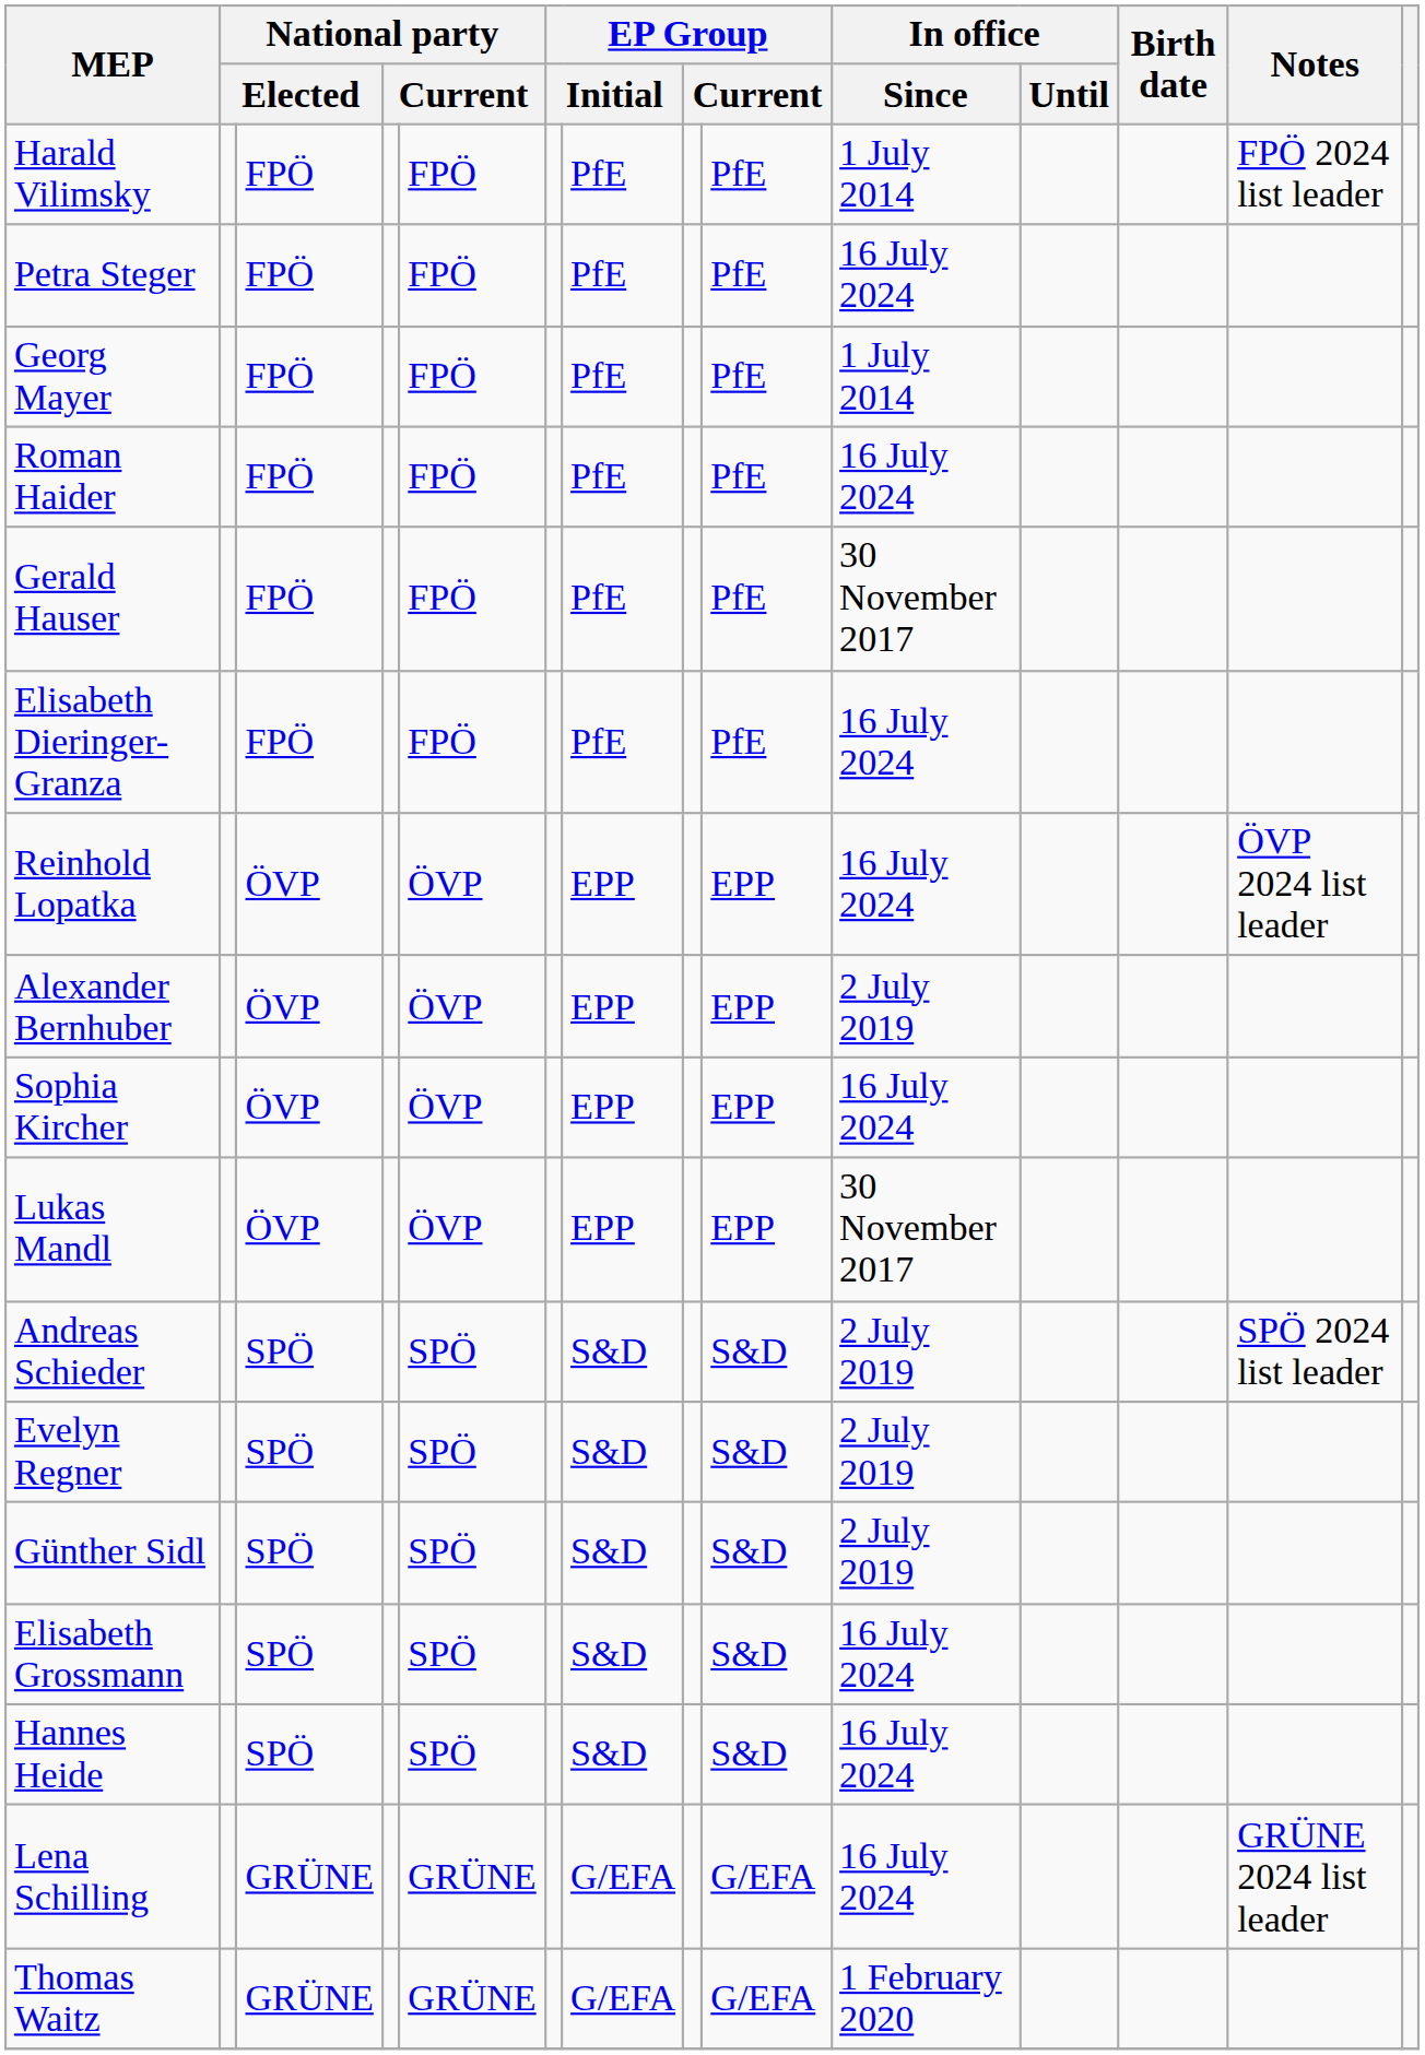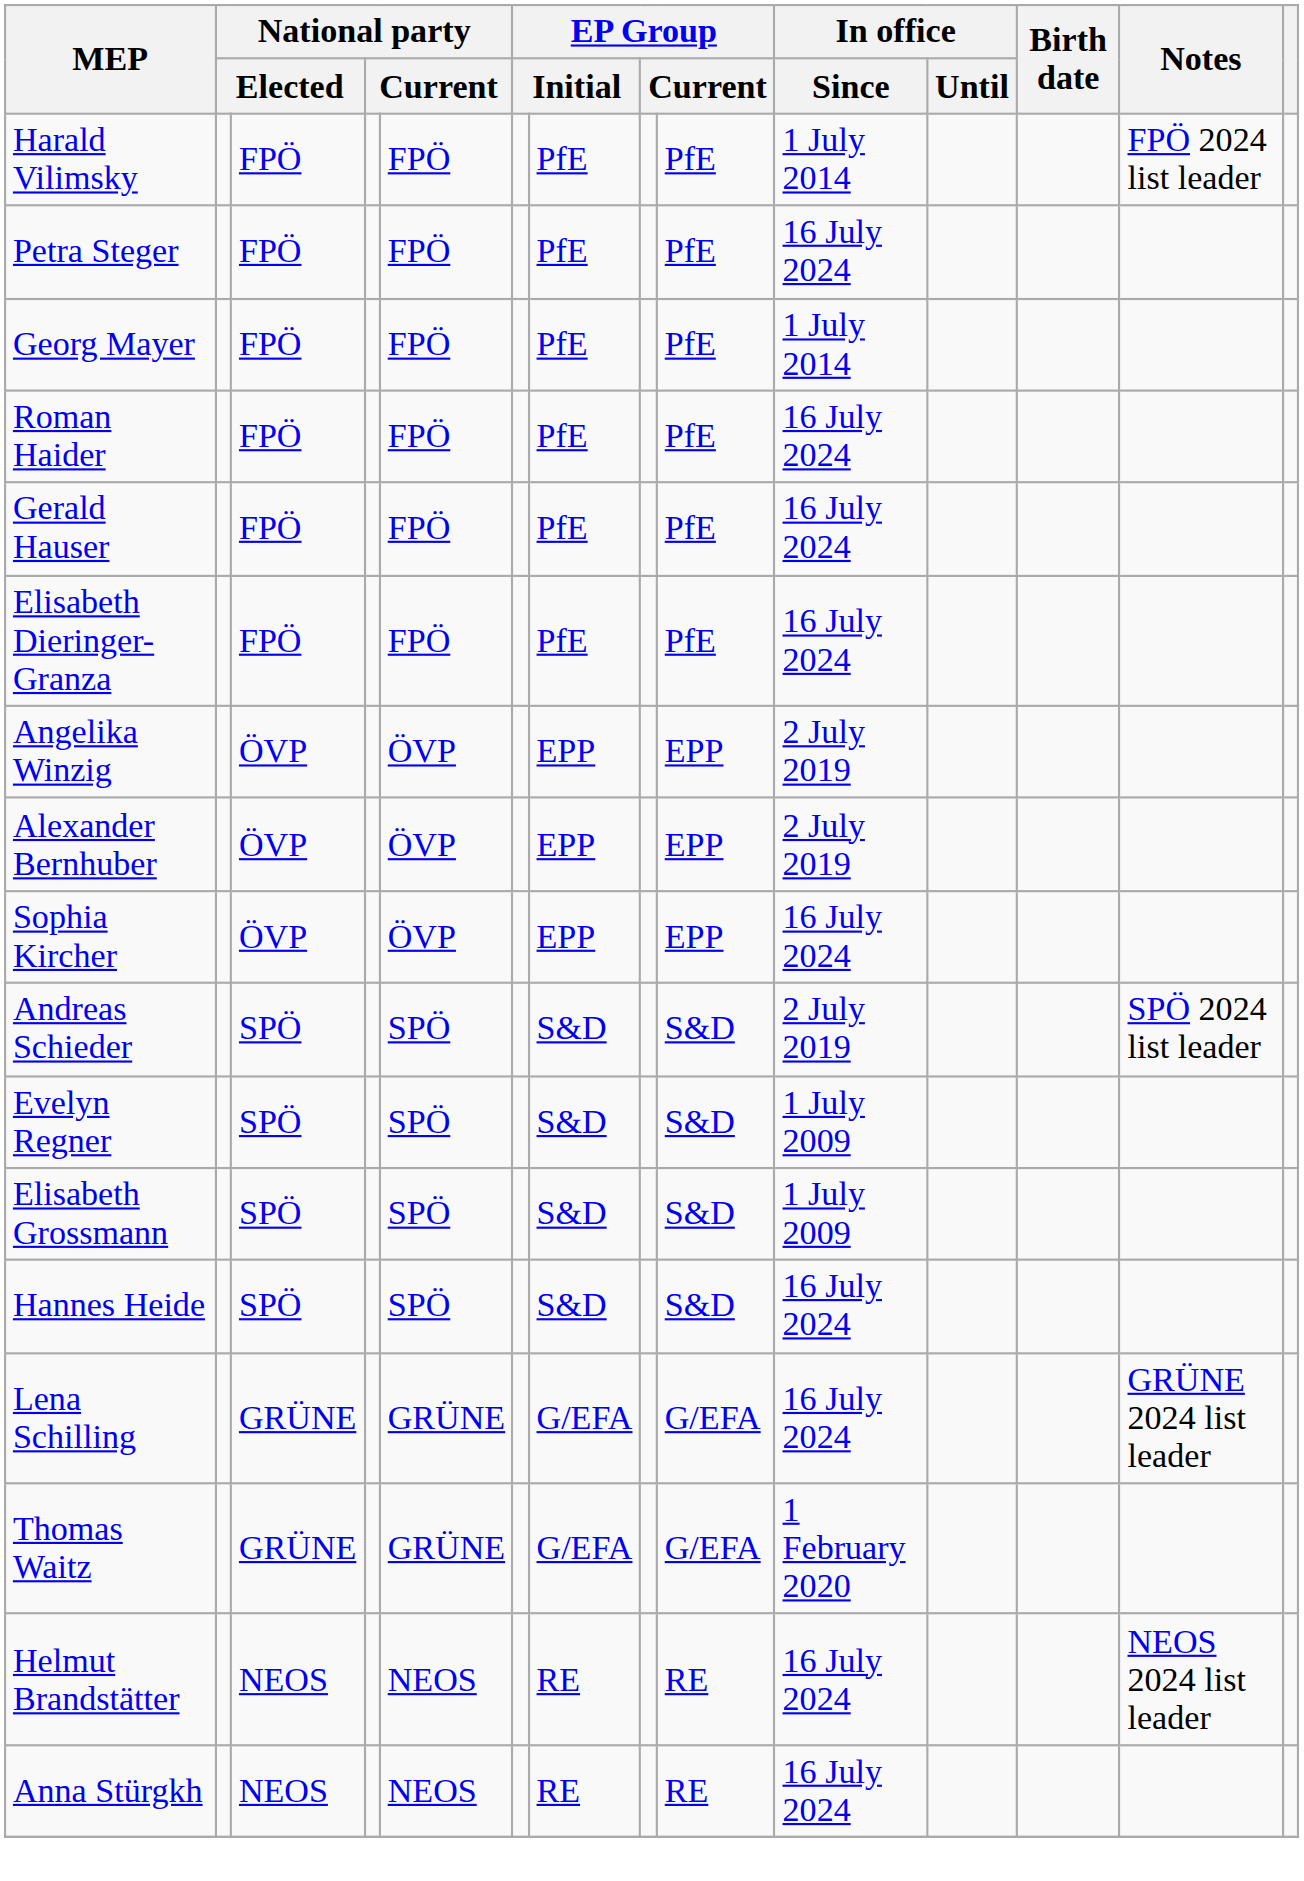 <table class="wikitable sortable" style="text-align:left">
 <tr>
 <th rowspan="2">MEP</th>
 <th colspan="4">National party</th>
 <th colspan="4"><a href='#'>EP Group</a></th>
 <th colspan="2">In office</th>
 <th rowspan="2">Birth date</th>
 <th rowspan="2">Notes</th>
 <th rowspan="2" class="unsortable"></th>
 </tr>
 <tr>
 <th colspan="2">Elected</th>
 <th colspan="2">Current</th>
 <th colspan="2">Initial</th>
 <th colspan="2">Current</th>
 <th>Since</th>
 <th>Until</th>
 </tr>
 <tr>
 <td><a href='#'>Harald Vilimsky</a></td>
 <td style="background: "></td>
 <td><a href='#'>FPÖ</a></td>
 <td style="background: "></td>
 <td><a href='#'>FPÖ</a></td>
 <td style="background: "></td>
 <td><a href='#'>PfE</a></td>
 <td style="background: "></td>
 <td><a href='#'>PfE</a></td>
 <td><a href='#'>1 July 2014</a></td>
 <td></td>
 <td></td>
 <td><a href='#'>FPÖ</a> 2024 list leader</td>
 <td></td>
 </tr>
 <tr>
 <td><a href='#'>Petra Steger</a></td>
 <td style="background: "></td>
 <td><a href='#'>FPÖ</a></td>
 <td style="background: "></td>
 <td><a href='#'>FPÖ</a></td>
 <td style="background: "></td>
 <td><a href='#'>PfE</a></td>
 <td style="background: "></td>
 <td><a href='#'>PfE</a></td>
 <td><a href='#'>16 July 2024</a></td>
 <td></td>
 <td></td>
 <td></td>
 <td></td>
 </tr>
 <tr>
 <td><a href='#'>Georg Mayer</a></td>
 <td style="background: "></td>
 <td><a href='#'>FPÖ</a></td>
 <td style="background: "></td>
 <td><a href='#'>FPÖ</a></td>
 <td style="background: "></td>
 <td><a href='#'>PfE</a></td>
 <td style="background: "></td>
 <td><a href='#'>PfE</a></td>
 <td><a href='#'>1 July 2014</a></td>
 <td></td>
 <td></td>
 <td></td>
 <td></td>
 </tr>
 <tr>
 <td><a href='#'>Roman Haider</a></td>
 <td style="background: "></td>
 <td><a href='#'>FPÖ</a></td>
 <td style="background: "></td>
 <td><a href='#'>FPÖ</a></td>
 <td style="background: "></td>
 <td><a href='#'>PfE</a></td>
 <td style="background: "></td>
 <td><a href='#'>PfE</a></td>
 <td><a href='#'>16 July 2024</a></td>
 <td></td>
 <td></td>
 <td></td>
 <td></td>
 </tr>
 <tr>
 <td><a href='#'>Gerald Hauser</a></td>
 <td style="background: "></td>
 <td><a href='#'>FPÖ</a></td>
 <td style="background: "></td>
 <td><a href='#'>FPÖ</a></td>
 <td style="background: "></td>
 <td><a href='#'>PfE</a></td>
 <td style="background: "></td>
 <td><a href='#'>PfE</a></td>
-<td>30 November 2017</td>
+<td><a href='#'>16 July 2024</a></td>
 <td></td>
 <td></td>
 <td></td>
 <td></td>
 </tr>
 <tr>
 <td><a href='#'>Elisabeth Dieringer-Granza</a></td>
 <td style="background: "></td>
 <td><a href='#'>FPÖ</a></td>
 <td style="background: "></td>
 <td><a href='#'>FPÖ</a></td>
 <td style="background: "></td>
 <td><a href='#'>PfE</a></td>
 <td style="background: "></td>
 <td><a href='#'>PfE</a></td>
 <td><a href='#'>16 July 2024</a></td>
 <td></td>
 <td></td>
 <td></td>
 <td></td>
 </tr>
 <tr>
-<td><a href='#'>Reinhold Lopatka</a></td>
+<td><a href='#'>Angelika Winzig</a></td>
 <td style="background: "></td>
 <td><a href='#'>ÖVP</a></td>
 <td style="background: "></td>
 <td><a href='#'>ÖVP</a></td>
 <td style="background: "></td>
 <td><a href='#'>EPP</a></td>
 <td style="background: "></td>
 <td><a href='#'>EPP</a></td>
-<td><a href='#'>16 July 2024</a></td>
+<td><a href='#'>2 July 2019</a></td>
 <td></td>
 <td></td>
-<td><a href='#'>ÖVP</a> 2024 list leader</td>
+<td></td>
 <td></td>
 </tr>
 <tr>
 <td><a href='#'>Alexander Bernhuber</a></td>
 <td style="background: "></td>
 <td><a href='#'>ÖVP</a></td>
 <td style="background: "></td>
 <td><a href='#'>ÖVP</a></td>
 <td style="background: "></td>
 <td><a href='#'>EPP</a></td>
 <td style="background: "></td>
 <td><a href='#'>EPP</a></td>
 <td><a href='#'>2 July 2019</a></td>
 <td></td>
 <td></td>
 <td></td>
 <td></td>
 </tr>
 <tr>
 <td><a href='#'>Sophia Kircher</a></td>
 <td style="background: "></td>
 <td><a href='#'>ÖVP</a></td>
 <td style="background: "></td>
 <td><a href='#'>ÖVP</a></td>
 <td style="background: "></td>
 <td><a href='#'>EPP</a></td>
 <td style="background: "></td>
 <td><a href='#'>EPP</a></td>
 <td><a href='#'>16 July 2024</a></td>
 <td></td>
 <td></td>
 <td></td>
 <td></td>
 </tr>
 <tr>
-<td><a href='#'>Lukas Mandl</a></td>
-<td style="background: "></td>
-<td><a href='#'>ÖVP</a></td>
-<td style="background: "></td>
-<td><a href='#'>ÖVP</a></td>
-<td style="background: "></td>
-<td><a href='#'>EPP</a></td>
-<td style="background: "></td>
-<td><a href='#'>EPP</a></td>
-<td>30 November 2017</td>
-<td></td>
-<td></td>
-<td></td>
-<td></td>
-</tr>
-<tr>
 <td><a href='#'>Andreas Schieder</a></td>
 <td style="background: "></td>
 <td><a href='#'>SPÖ</a></td>
 <td style="background: "></td>
 <td><a href='#'>SPÖ</a></td>
 <td style="background: "></td>
 <td><a href='#'>S&D</a></td>
 <td style="background: "></td>
 <td><a href='#'>S&D</a></td>
 <td><a href='#'>2 July 2019</a></td>
 <td></td>
 <td></td>
 <td><a href='#'>SPÖ</a> 2024 list leader</td>
 <td></td>
 </tr>
 <tr>
 <td><a href='#'>Evelyn Regner</a></td>
 <td style="background: "></td>
 <td><a href='#'>SPÖ</a></td>
 <td style="background: "></td>
 <td><a href='#'>SPÖ</a></td>
 <td style="background: "></td>
 <td><a href='#'>S&D</a></td>
 <td style="background: "></td>
 <td><a href='#'>S&D</a></td>
-<td><a href='#'>2 July 2019</a></td>
-<td></td>
-<td></td>
-<td></td>
-<td></td>
-</tr>
-<tr>
-<td><a href='#'>Günther Sidl</a></td>
-<td style="background: "></td>
-<td><a href='#'>SPÖ</a></td>
-<td style="background: "></td>
-<td><a href='#'>SPÖ</a></td>
-<td style="background: "></td>
-<td><a href='#'>S&D</a></td>
-<td style="background: "></td>
-<td><a href='#'>S&D</a></td>
-<td><a href='#'>2 July 2019</a></td>
+<td><a href='#'>1 July 2009</a></td>
 <td></td>
 <td></td>
 <td></td>
 <td></td>
 </tr>
 <tr>
 <td><a href='#'>Elisabeth Grossmann</a></td>
 <td style="background: "></td>
 <td><a href='#'>SPÖ</a></td>
 <td style="background: "></td>
 <td><a href='#'>SPÖ</a></td>
 <td style="background: "></td>
 <td><a href='#'>S&D</a></td>
 <td style="background: "></td>
 <td><a href='#'>S&D</a></td>
-<td><a href='#'>16 July 2024</a></td>
+<td><a href='#'>1 July 2009</a></td>
 <td></td>
 <td></td>
 <td></td>
 <td></td>
 </tr>
 <tr>
 <td><a href='#'>Hannes Heide</a></td>
 <td style="background: "></td>
 <td><a href='#'>SPÖ</a></td>
 <td style="background: "></td>
 <td><a href='#'>SPÖ</a></td>
 <td style="background: "></td>
 <td><a href='#'>S&D</a></td>
 <td style="background: "></td>
 <td><a href='#'>S&D</a></td>
 <td><a href='#'>16 July 2024</a></td>
 <td></td>
 <td></td>
 <td></td>
 <td></td>
 </tr>
 <tr>
 <td><a href='#'>Lena Schilling</a></td>
 <td style="background: "></td>
 <td><a href='#'>GRÜNE</a></td>
 <td style="background: "></td>
 <td><a href='#'>GRÜNE</a></td>
 <td style="background: "></td>
 <td><a href='#'>G/EFA</a></td>
 <td style="background: "></td>
 <td><a href='#'>G/EFA</a></td>
 <td><a href='#'>16 July 2024</a></td>
 <td></td>
 <td></td>
 <td><a href='#'>GRÜNE</a> 2024 list leader</td>
 <td></td>
 </tr>
 <tr>
 <td><a href='#'>Thomas Waitz</a></td>
 <td style="background: "></td>
 <td><a href='#'>GRÜNE</a></td>
 <td style="background: "></td>
 <td><a href='#'>GRÜNE</a></td>
 <td style="background: "></td>
 <td><a href='#'>G/EFA</a></td>
 <td style="background: "></td>
 <td><a href='#'>G/EFA</a></td>
 <td><a href='#'>1 February 2020</a></td>
 <td></td>
 <td></td>
 <td></td>
 <td></td>
 </tr>
 <tr>
+<td><a href='#'>Helmut Brandstätter</a></td>
+<td style="background: "></td>
+<td><a href='#'>NEOS</a></td>
+<td style="background: "></td>
+<td><a href='#'>NEOS</a></td>
+<td style="background: "></td>
+<td><a href='#'>RE</a></td>
+<td style="background: "></td>
+<td><a href='#'>RE</a></td>
+<td><a href='#'>16 July 2024</a></td>
+<td></td>
+<td></td>
+<td><a href='#'>NEOS</a> 2024 list leader</td>
+<td></td>
+</tr>
+<tr>
+<td><a href='#'>Anna Stürgkh</a></td>
+<td style="background: "></td>
+<td><a href='#'>NEOS</a></td>
+<td style="background: "></td>
+<td><a href='#'>NEOS</a></td>
+<td style="background: "></td>
+<td><a href='#'>RE</a></td>
+<td style="background: "></td>
+<td><a href='#'>RE</a></td>
+<td><a href='#'>16 July 2024</a></td>
+<td></td>
+<td></td>
+<td></td>
+<td></td>
+</tr>
+<tr>
 </tr>
 </table>
